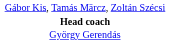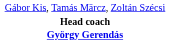 <table style="text-align: center; margin-top: 2em; margin-left: auto; margin-right: auto">
 <tr>
 <td><a href='#'>Gábor Kis</a>, <a href='#'>Tamás Märcz</a>, <a href='#'>Zoltán Szécsi</a></td>
 </tr>
 <tr>
 <td><strong>Head coach</strong></td>
 </tr>
 <tr>
-<td><a href='#'>György Gerendás</a></td>
+<td><strong><a href='#'>György Gerendás</a></strong></td>
 </tr>
 </table>
